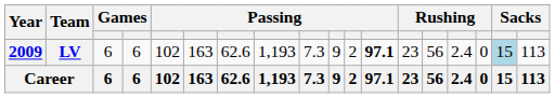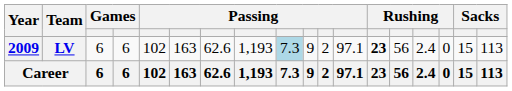 <table class="wikitable" style="text-align: center;">
 <tr>
 <th rowspan="2">Year</th>
 <th rowspan="2">Team</th>
 <th colspan="2">Games</th>
 <th colspan="8">Passing</th>
 <th colspan="4">Rushing</th>
 <th colspan="2">Sacks</th>
 </tr>
 <tr>
 <th></th>
 <th></th>
 <th></th>
 <th></th>
 <th></th>
 <th></th>
 <th></th>
 <th></th>
 <th></th>
 <th></th>
 <th></th>
 <th></th>
 <th></th>
 <th></th>
 <th></th>
 <th></th>
 </tr>
 <tr>
 <th><a href='#'>2009</a></th>
 <th><a href='#'>LV</a></th>
 <td>6</td>
 <td>6</td>
 <td>102</td>
 <td>163</td>
 <td>62.6</td>
 <td>1,193</td>
-<td>7.3</td>
+<td style="background: lightblue;">7.3</td>
 <td>9</td>
 <td>2</td>
-<td><strong>97.1</strong></td>
-<td>23</td>
+<td>97.1</td>
+<td><strong>23</strong></td>
 <td>56</td>
 <td>2.4</td>
 <td>0</td>
-<td style="background: lightblue;">15</td>
+<td>15</td>
 <td>113</td>
 </tr>
 <tr>
 <th colspan="2">Career</th>
 <th>6</th>
 <th>6</th>
 <th>102</th>
 <th>163</th>
 <th>62.6</th>
 <th>1,193</th>
 <th>7.3</th>
 <th>9</th>
 <th>2</th>
 <th>97.1</th>
 <th>23</th>
 <th>56</th>
 <th>2.4</th>
 <th>0</th>
 <th>15</th>
 <th>113</th>
 </tr>
 </table>
